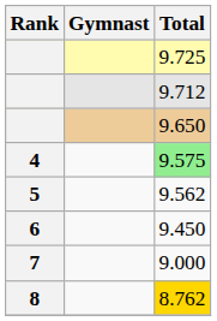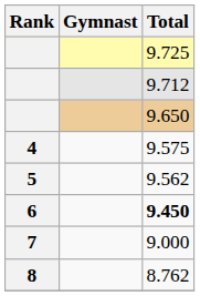 <table class="wikitable sortable" style="text-align:center; font-size:95%">
 <tr>
 <th scope=col>Rank</th>
 <th scope=col>Gymnast</th>
 <th scope=col>Total</th>
 </tr>
 <tr bgcolor=fffcaf>
 <th scope=row style="text-align:center"></th>
 <td align=left></td>
 <td>9.725</td>
 </tr>
 <tr bgcolor=e5e5e5>
 <th scope=row style="text-align:center"></th>
 <td align=left></td>
 <td>9.712</td>
 </tr>
 <tr bgcolor=eecc99>
 <th scope=row style="text-align:center"></th>
 <td align=left></td>
 <td>9.650</td>
 </tr>
 <tr>
 <th scope=row style="text-align:center">4</th>
 <td align=left></td>
-<td style="background: lightgreen;">9.575</td>
+<td>9.575</td>
 </tr>
 <tr>
 <th scope=row style="text-align:center">5</th>
 <td align=left></td>
 <td>9.562</td>
 </tr>
 <tr>
 <th scope=row style="text-align:center">6</th>
 <td align=left></td>
-<td>9.450</td>
+<td><strong>9.450</strong></td>
 </tr>
 <tr>
 <th scope=row style="text-align:center">7</th>
 <td align=left></td>
 <td>9.000</td>
 </tr>
 <tr>
 <th scope=row style="text-align:center">8</th>
 <td align=left></td>
-<td style="background: gold;">8.762</td>
+<td>8.762</td>
 </tr>
 <tr>
 </tr>
 </table>
